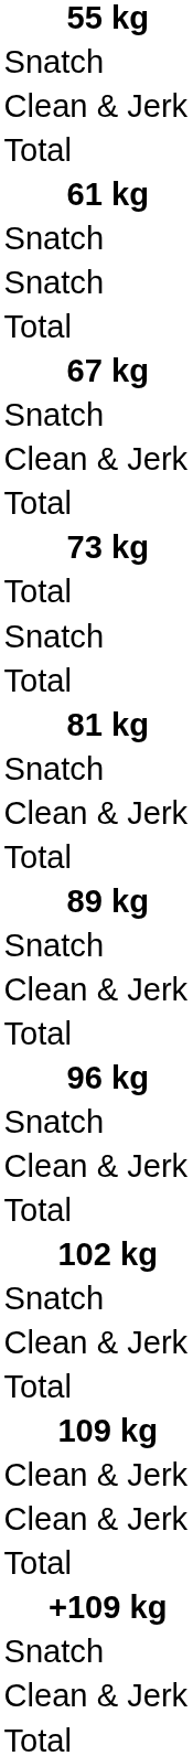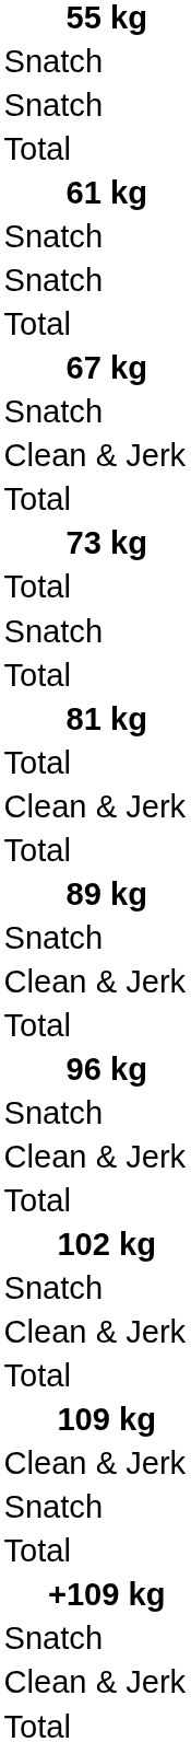 <table>
 <tr>
 <th colspan=4>55 kg</th>
 </tr>
 <tr>
 <td>Snatch</td>
 <td></td>
 <td></td>
 <td></td>
 </tr>
 <tr>
-<td>Clean & Jerk</td>
+<td>Snatch</td>
 <td></td>
 <td></td>
 <td></td>
 </tr>
 <tr>
 <td>Total</td>
 <td></td>
 <td></td>
 <td></td>
 </tr>
 <tr>
 <th colspan=4>61 kg</th>
 </tr>
 <tr>
 <td>Snatch</td>
 <td></td>
 <td></td>
 <td></td>
 </tr>
 <tr>
 <td>Snatch</td>
 <td></td>
 <td></td>
 <td></td>
 </tr>
 <tr>
 <td>Total</td>
 <td></td>
 <td></td>
 <td></td>
 </tr>
 <tr>
 <th colspan=4>67 kg</th>
 </tr>
 <tr>
 <td>Snatch</td>
 <td></td>
 <td></td>
 <td></td>
 </tr>
 <tr>
 <td>Clean & Jerk</td>
 <td></td>
 <td></td>
 <td></td>
 </tr>
 <tr>
 <td>Total</td>
 <td></td>
 <td></td>
 <td></td>
 </tr>
 <tr>
 <th colspan=4>73 kg</th>
 </tr>
 <tr>
 <td>Total</td>
 <td></td>
 <td></td>
 <td></td>
 </tr>
 <tr>
 <td>Snatch</td>
 <td></td>
 <td></td>
 <td></td>
 </tr>
 <tr>
 <td>Total</td>
 <td></td>
 <td></td>
 <td></td>
 </tr>
 <tr>
 <th colspan=4>81 kg</th>
 </tr>
 <tr>
-<td>Snatch</td>
+<td>Total</td>
 <td></td>
 <td></td>
 <td></td>
 </tr>
 <tr>
 <td>Clean & Jerk</td>
 <td></td>
 <td></td>
 <td></td>
 </tr>
 <tr>
 <td>Total</td>
 <td></td>
 <td></td>
 <td></td>
 </tr>
 <tr>
 <th colspan=4>89 kg</th>
 </tr>
 <tr>
 <td>Snatch</td>
 <td></td>
 <td></td>
 <td></td>
 </tr>
 <tr>
 <td>Clean & Jerk</td>
 <td></td>
 <td></td>
 <td></td>
 </tr>
 <tr>
 <td>Total</td>
 <td></td>
 <td></td>
 <td></td>
 </tr>
 <tr>
 <th colspan=4>96 kg</th>
 </tr>
 <tr>
 <td>Snatch</td>
 <td></td>
 <td></td>
 <td></td>
 </tr>
 <tr>
 <td>Clean & Jerk</td>
 <td></td>
 <td></td>
 <td></td>
 </tr>
 <tr>
 <td>Total</td>
 <td></td>
 <td></td>
 <td></td>
 </tr>
 <tr>
 <th colspan=4>102 kg</th>
 </tr>
 <tr>
 <td>Snatch</td>
 <td></td>
 <td></td>
 <td></td>
 </tr>
 <tr>
 <td>Clean & Jerk</td>
 <td></td>
 <td></td>
 <td></td>
 </tr>
 <tr>
 <td>Total</td>
 <td></td>
 <td></td>
 <td></td>
 </tr>
 <tr>
 <th colspan=4>109 kg</th>
 </tr>
 <tr>
 <td>Clean & Jerk</td>
 <td></td>
 <td></td>
 <td></td>
 </tr>
 <tr>
-<td>Clean & Jerk</td>
+<td>Snatch</td>
 <td></td>
 <td></td>
 <td></td>
 </tr>
 <tr>
 <td>Total</td>
 <td></td>
 <td></td>
 <td></td>
 </tr>
 <tr>
 <th colspan=4>+109 kg</th>
 </tr>
 <tr>
 <td>Snatch</td>
 <td></td>
 <td></td>
 <td></td>
 </tr>
 <tr>
 <td>Clean & Jerk</td>
 <td></td>
 <td></td>
 <td></td>
 </tr>
 <tr>
 <td>Total</td>
 <td></td>
 <td></td>
 <td></td>
 </tr>
 </table>
